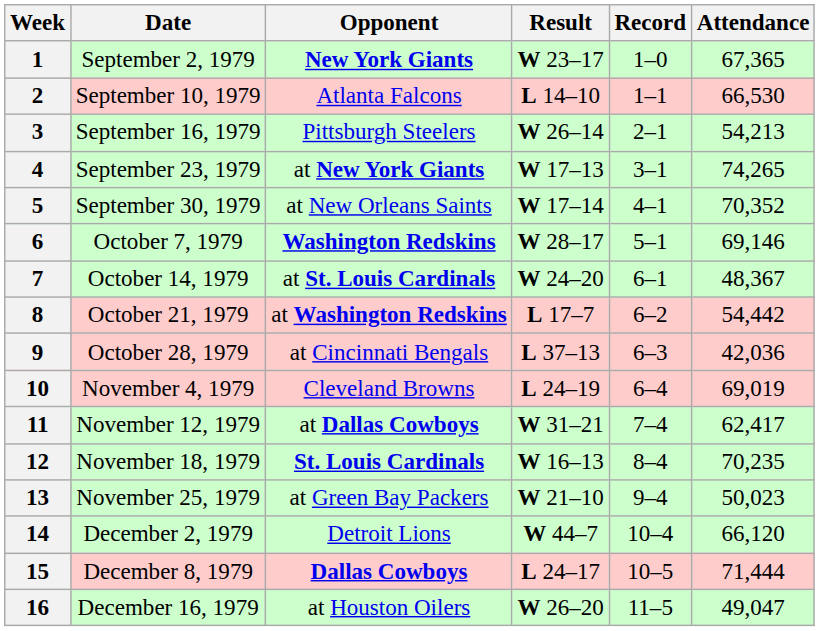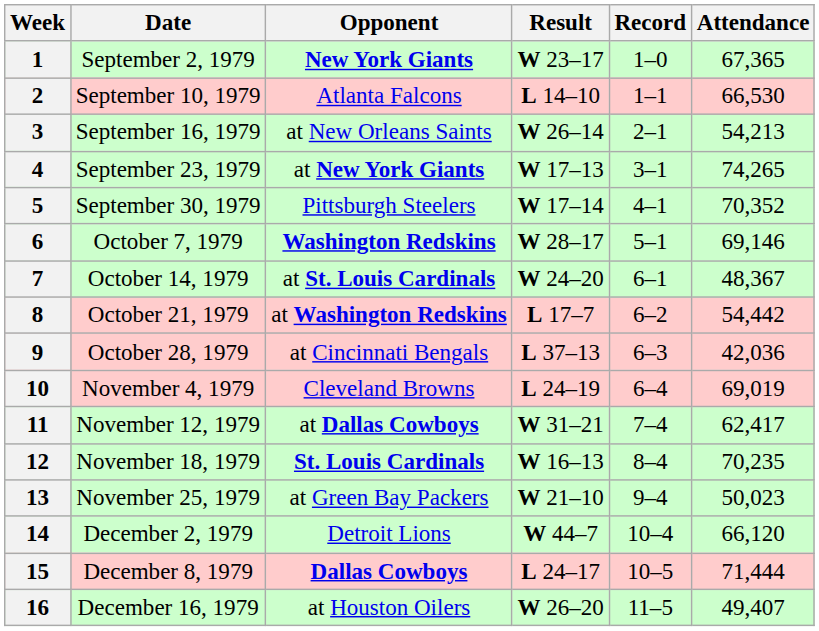 <table class="wikitable" style="text-align:center">
 <tr>
 <th>Week</th>
 <th>Date</th>
 <th>Opponent</th>
 <th>Result</th>
 <th>Record</th>
 <th>Attendance</th>
 </tr>
 <tr style="background:#cfc">
 <th>1</th>
 <td>September 2, 1979</td>
 <td><strong><a href='#'>New York Giants</a></strong></td>
 <td><strong>W</strong> 23–17</td>
 <td>1–0</td>
 <td>67,365</td>
 </tr>
 <tr style="background: #fcc">
 <th>2</th>
 <td>September 10, 1979</td>
 <td><a href='#'>Atlanta Falcons</a></td>
 <td><strong>L</strong> 14–10</td>
 <td>1–1</td>
 <td>66,530</td>
 </tr>
 <tr style="background: #cfc">
 <th>3</th>
 <td>September 16, 1979</td>
-<td><a href='#'>Pittsburgh Steelers</a></td>
+<td>at <a href='#'>New Orleans Saints</a></td>
 <td><strong>W</strong> 26–14</td>
 <td>2–1</td>
 <td>54,213</td>
 </tr>
 <tr style="background: #cfc">
 <th>4</th>
 <td>September 23, 1979</td>
 <td>at <strong><a href='#'>New York Giants</a></strong></td>
 <td><strong>W</strong> 17–13</td>
 <td>3–1</td>
 <td>74,265</td>
 </tr>
 <tr style="background: #cfc">
 <th>5</th>
 <td>September 30, 1979</td>
-<td>at <a href='#'>New Orleans Saints</a></td>
+<td><a href='#'>Pittsburgh Steelers</a></td>
 <td><strong>W</strong> 17–14</td>
 <td>4–1</td>
 <td>70,352</td>
 </tr>
 <tr style="background: #cfc">
 <th>6</th>
 <td>October 7, 1979</td>
 <td><strong><a href='#'>Washington Redskins</a></strong></td>
 <td><strong>W</strong> 28–17</td>
 <td>5–1</td>
 <td>69,146</td>
 </tr>
 <tr style="background: #cfc">
 <th>7</th>
 <td>October 14, 1979</td>
 <td>at <strong><a href='#'>St. Louis Cardinals</a></strong></td>
 <td><strong>W</strong> 24–20</td>
 <td>6–1</td>
 <td>48,367</td>
 </tr>
 <tr style="background: #fcc">
 <th>8</th>
 <td>October 21, 1979</td>
 <td>at <strong><a href='#'>Washington Redskins</a></strong></td>
 <td><strong>L</strong> 17–7</td>
 <td>6–2</td>
 <td>54,442</td>
 </tr>
 <tr style="background: #fcc">
 <th>9</th>
 <td>October 28, 1979</td>
 <td>at <a href='#'>Cincinnati Bengals</a></td>
 <td><strong>L</strong> 37–13</td>
 <td>6–3</td>
 <td>42,036</td>
 </tr>
 <tr style="background: #fcc">
 <th>10</th>
 <td>November 4, 1979</td>
 <td><a href='#'>Cleveland Browns</a></td>
 <td><strong>L</strong> 24–19</td>
 <td>6–4</td>
 <td>69,019</td>
 </tr>
 <tr style="background: #cfc">
 <th>11</th>
 <td>November 12, 1979</td>
 <td>at <strong><a href='#'>Dallas Cowboys</a></strong></td>
 <td><strong>W</strong> 31–21</td>
 <td>7–4</td>
 <td>62,417</td>
 </tr>
 <tr style="background: #cfc">
 <th>12</th>
 <td>November 18, 1979</td>
 <td><strong><a href='#'>St. Louis Cardinals</a></strong></td>
 <td><strong>W</strong> 16–13</td>
 <td>8–4</td>
 <td>70,235</td>
 </tr>
 <tr style="background: #cfc">
 <th>13</th>
 <td>November 25, 1979</td>
 <td>at <a href='#'>Green Bay Packers</a></td>
 <td><strong>W</strong> 21–10</td>
 <td>9–4</td>
 <td>50,023</td>
 </tr>
 <tr style="background: #cfc">
 <th>14</th>
 <td>December 2, 1979</td>
 <td><a href='#'>Detroit Lions</a></td>
 <td><strong>W</strong> 44–7</td>
 <td>10–4</td>
 <td>66,120</td>
 </tr>
 <tr style="background: #fcc">
 <th>15</th>
 <td>December 8, 1979</td>
 <td><strong><a href='#'>Dallas Cowboys</a></strong></td>
 <td><strong>L</strong> 24–17</td>
 <td>10–5</td>
 <td>71,444</td>
 </tr>
 <tr style="background: #cfc">
 <th>16</th>
 <td>December 16, 1979</td>
 <td>at <a href='#'>Houston Oilers</a></td>
 <td><strong>W</strong> 26–20</td>
 <td>11–5</td>
-<td>49,047</td>
+<td>49,407</td>
 </tr>
 </table>
